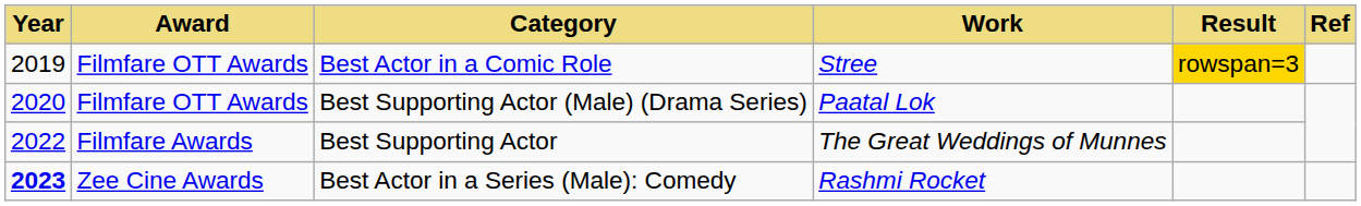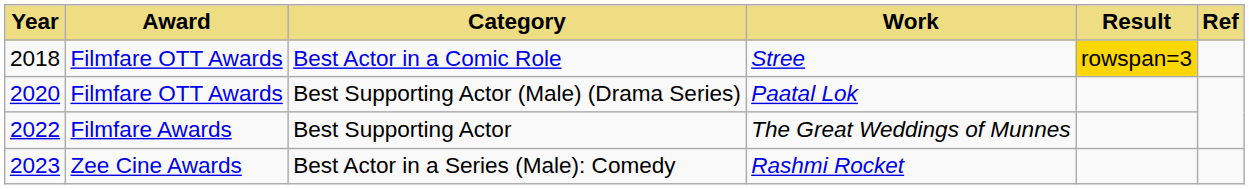 <table class="wikitable">
 <tr>
 <th style="background:#EEDD82;">Year</th>
 <th style="background:#EEDD82;">Award</th>
 <th style="background:#EEDD82;">Category</th>
 <th style="background:#EEDD82;">Work</th>
 <th style="background:#EEDD82;">Result</th>
 <th style="background:#EEDD82;">Ref</th>
 </tr>
 <tr>
-<td>2019</td>
+<td>2018</td>
 <td><a href='#'>Filmfare OTT Awards</a></td>
 <td><a href='#'>Best Actor in a Comic Role</a></td>
 <td><em><a href='#'>Stree</a></em></td>
 <td style="background: gold;">rowspan=3 </td>
 <td></td>
 </tr>
 <tr>
 <td><a href='#'>2020</a></td>
 <td><a href='#'>Filmfare OTT Awards</a></td>
 <td>Best Supporting Actor (Male) (Drama Series)</td>
 <td><em><a href='#'>Paatal Lok</a></em></td>
 <td></td>
 </tr>
 <tr>
 <td><a href='#'>2022</a></td>
 <td><a href='#'>Filmfare Awards</a></td>
 <td>Best Supporting Actor</td>
 <td><em>The Great Weddings of Munnes</em></td>
 <td></td>
 </tr>
 <tr>
-<td><strong><a href='#'>2023</a></strong></td>
+<td><a href='#'>2023</a></td>
 <td><a href='#'>Zee Cine Awards</a></td>
 <td>Best Actor in a Series (Male): Comedy</td>
 <td><em><a href='#'>Rashmi Rocket</a></em></td>
 <td></td>
 <td></td>
 </tr>
 </table>
